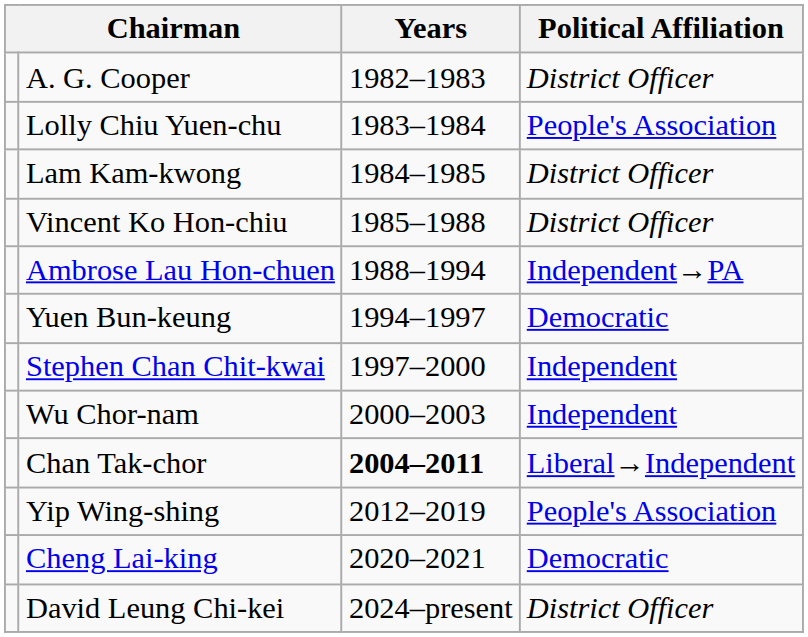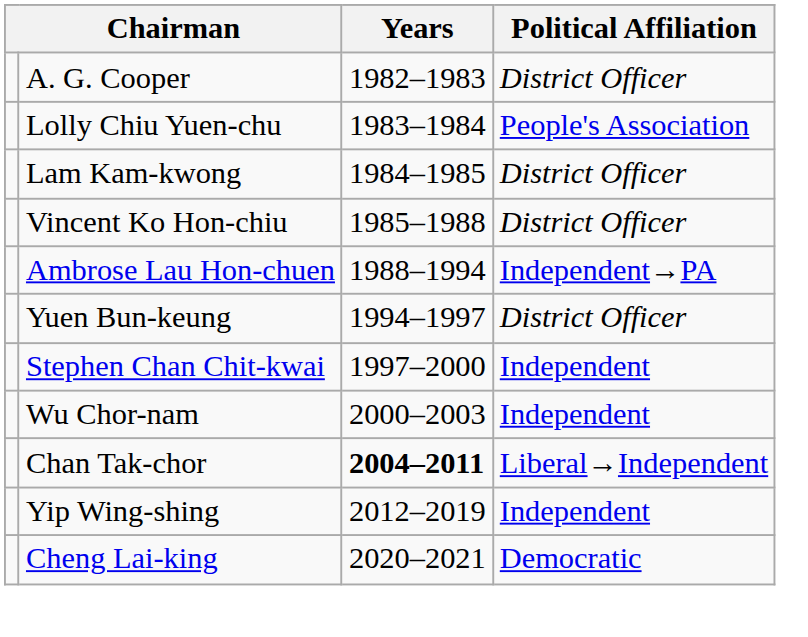 <table class="wikitable">
 <tr>
 <th colspan=2>Chairman</th>
 <th>Years</th>
 <th>Political Affiliation</th>
 </tr>
 <tr>
 <td style="color:inherit;background:"></td>
 <td>A. G. Cooper</td>
 <td>1982–1983</td>
 <td><em>District Officer</em></td>
 </tr>
 <tr>
 <td style="color:inherit;background:"></td>
 <td>Lolly Chiu Yuen-chu</td>
 <td>1983–1984</td>
 <td><a href='#'>People's Association</a></td>
 </tr>
 <tr>
 <td style="color:inherit;background:"></td>
 <td>Lam Kam-kwong</td>
 <td>1984–1985</td>
 <td><em>District Officer</em></td>
 </tr>
 <tr>
 <td style="color:inherit;background:"></td>
 <td>Vincent Ko Hon-chiu</td>
 <td>1985–1988</td>
 <td><em>District Officer</em></td>
 </tr>
 <tr>
 <td style="color:inherit;background:"></td>
 <td><a href='#'>Ambrose Lau Hon-chuen</a></td>
 <td>1988–1994</td>
 <td><a href='#'>Independent</a>→<a href='#'>PA</a></td>
 </tr>
 <tr>
 <td style="color:inherit;background:"></td>
 <td>Yuen Bun-keung</td>
 <td>1994–1997</td>
-<td><a href='#'>Democratic</a></td>
+<td><em>District Officer</em></td>
 </tr>
 <tr>
 <td style="color:inherit;background:"></td>
 <td><a href='#'>Stephen Chan Chit-kwai</a></td>
 <td>1997–2000</td>
 <td><a href='#'>Independent</a></td>
 </tr>
 <tr>
 <td style="color:inherit;background:"></td>
 <td>Wu Chor-nam</td>
 <td>2000–2003</td>
 <td><a href='#'>Independent</a></td>
 </tr>
 <tr>
 <td style="color:inherit;background:"></td>
 <td>Chan Tak-chor</td>
 <td><strong>2004–2011</strong></td>
 <td><a href='#'>Liberal</a>→<a href='#'>Independent</a></td>
 </tr>
 <tr>
 <td style="color:inherit;background:"></td>
 <td>Yip Wing-shing</td>
 <td>2012–2019</td>
-<td><a href='#'>People's Association</a></td>
+<td><a href='#'>Independent</a></td>
 </tr>
 <tr>
 <td style="color:inherit;background: "></td>
 <td><a href='#'>Cheng Lai-king</a></td>
 <td>2020–2021</td>
 <td><a href='#'>Democratic</a></td>
 </tr>
-<tr>
-<td style="color:inherit;background:"></td>
-<td>David Leung Chi-kei</td>
-<td>2024–present</td>
-<td><em>District Officer</em></td>
-</tr>
 </table>
